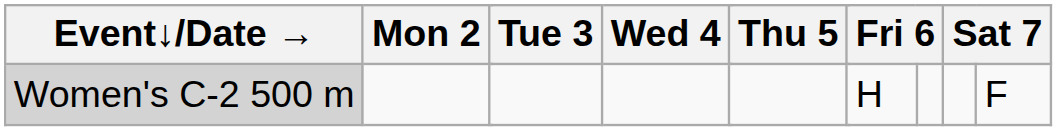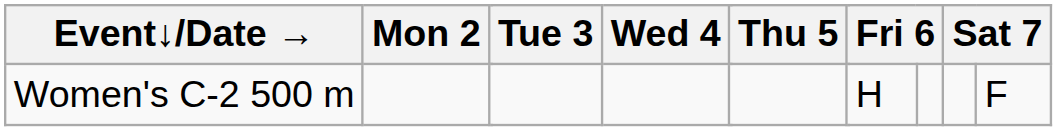 <table class="wikitable olympic-schedule canoeing">
 <tr>
 <th>Event↓/Date →</th>
 <th colspan="2">Mon 2</th>
 <th colspan="2">Tue 3</th>
 <th colspan="2">Wed 4</th>
 <th colspan="2">Thu 5</th>
 <th colspan="2">Fri 6</th>
 <th colspan="2">Sat 7</th>
 </tr>
 <tr>
-<td class="event" style="background: lightgrey;">Women's C-2 500 m</td>
+<td class="event">Women's C-2 500 m</td>
 <td colspan="2"></td>
 <td colspan="2"></td>
 <td colspan="2"></td>
 <td colspan="2"></td>
 <td class="heats">H</td>
 <td class="quarterfinals"></td>
 <td class="semifinals"></td>
 <td class="final">F</td>
 </tr>
 </table>
